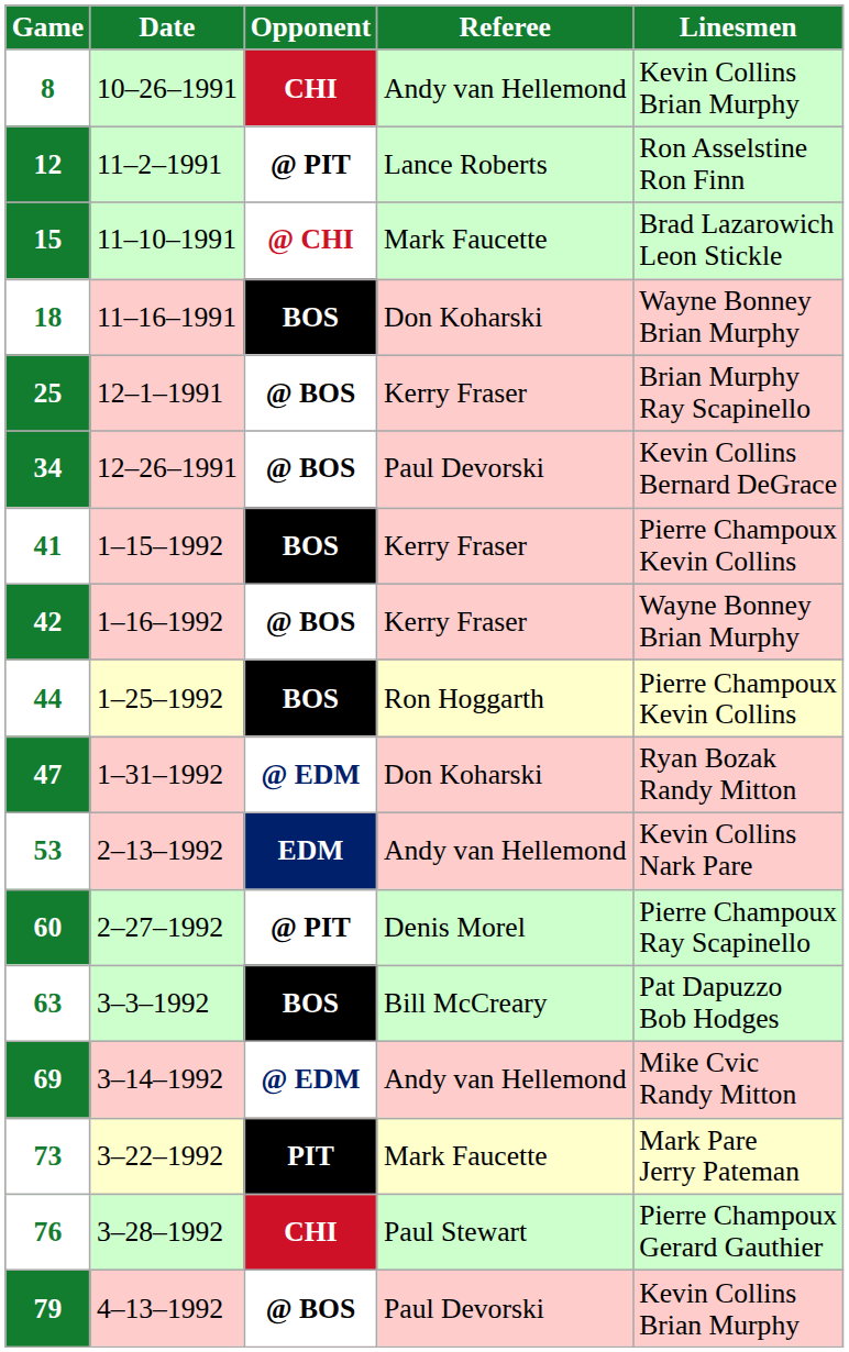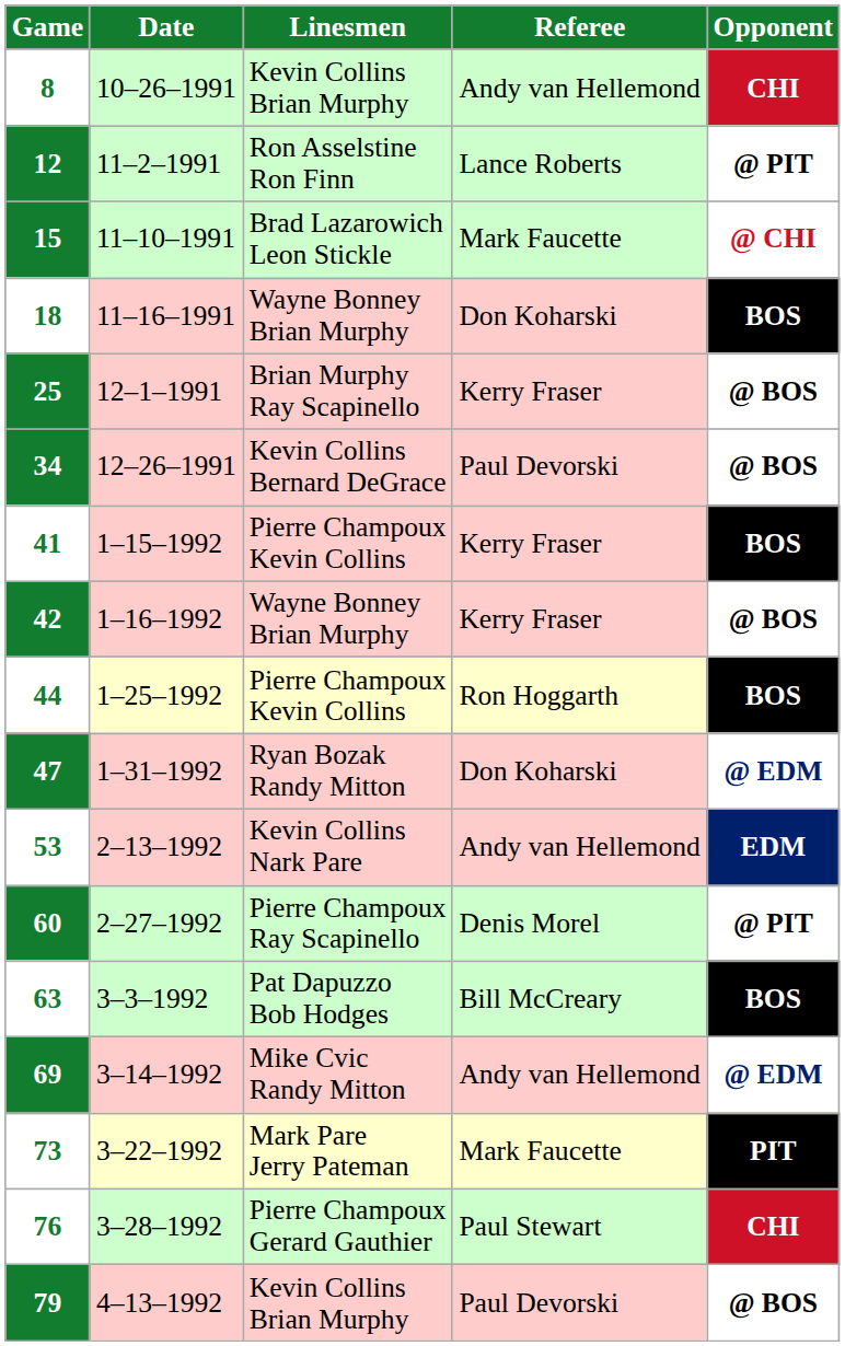 <table class="wikitable">
 <tr>
 <th style="color:white; background:#127d2f; "><strong>Game</strong></th>
 <th style="color:white; background:#127d2f; "><strong>Date</strong></th>
+<th style="color:white; background:#127d2f; "><strong>Linesmen</strong></th>
+<th style="color:white; background:#127d2f; "><strong>Referee</strong></th>
 <th style="color:white; background:#127d2f; "><strong>Opponent</strong></th>
-<th style="color:white; background:#127d2f; "><strong>Referee</strong></th>
-<th style="color:white; background:#127d2f; "><strong>Linesmen</strong></th>
 </tr>
 <tr style="background:#cfc;">
 <th style="color:#127d2f; background:white; "><strong>8</strong></th>
 <td>10–26–1991</td>
+<td>Kevin Collins<br>Brian Murphy</td>
+<td>Andy van Hellemond</td>
 <th style="color:white; background:#CE1126; "><strong>CHI</strong></th>
-<td>Andy van Hellemond</td>
-<td>Kevin Collins<br>Brian Murphy</td>
 </tr>
 <tr style="background:#cfc;">
 <th style="color:white; background:#127d2f; "><strong>12</strong></th>
 <td>11–2–1991</td>
+<td>Ron Asselstine<br>Ron Finn</td>
+<td>Lance Roberts</td>
 <th style="color:#000000; background:white; "><strong>@ PIT</strong></th>
-<td>Lance Roberts</td>
-<td>Ron Asselstine<br>Ron Finn</td>
 </tr>
 <tr style="background:#cfc;">
 <th style="color:white; background:#127d2f; "><strong>15</strong></th>
 <td>11–10–1991</td>
+<td>Brad Lazarowich<br>Leon Stickle</td>
+<td>Mark Faucette</td>
 <th style="color:#CE1126; background:white; "><strong>@ CHI</strong></th>
-<td>Mark Faucette</td>
-<td>Brad Lazarowich<br>Leon Stickle</td>
 </tr>
 <tr style="background:#fcc;">
 <th style="color:#127d2f; background:white; "><strong>18</strong></th>
 <td>11–16–1991</td>
+<td>Wayne Bonney<br>Brian Murphy</td>
+<td>Don Koharski</td>
 <th style="color:white; background:#000000; "><strong>BOS</strong></th>
-<td>Don Koharski</td>
-<td>Wayne Bonney<br>Brian Murphy</td>
 </tr>
 <tr style="background:#fcc;">
 <th style="color:white; background:#127d2f; "><strong>25</strong></th>
 <td>12–1–1991</td>
+<td>Brian Murphy<br>Ray Scapinello</td>
+<td>Kerry Fraser</td>
 <th style="color:#000000; background:white; "><strong>@ BOS</strong></th>
-<td>Kerry Fraser</td>
-<td>Brian Murphy<br>Ray Scapinello</td>
 </tr>
 <tr style="background:#fcc;">
 <th style="color:white; background:#127d2f; "><strong>34</strong></th>
 <td>12–26–1991</td>
+<td>Kevin Collins<br>Bernard DeGrace</td>
+<td>Paul Devorski</td>
 <th style="color:#000000; background:white; "><strong>@ BOS</strong></th>
-<td>Paul Devorski</td>
-<td>Kevin Collins<br>Bernard DeGrace</td>
 </tr>
 <tr style="background:#fcc;">
 <th style="color:#127d2f; background:white; "><strong>41</strong></th>
 <td>1–15–1992</td>
+<td>Pierre Champoux<br>Kevin Collins</td>
+<td>Kerry Fraser</td>
 <th style="color:white; background:#000000; "><strong>BOS</strong></th>
-<td>Kerry Fraser</td>
-<td>Pierre Champoux<br>Kevin Collins</td>
 </tr>
 <tr style="background:#fcc;">
 <th style="color:white; background:#127d2f; "><strong>42</strong></th>
 <td>1–16–1992</td>
+<td>Wayne Bonney<br>Brian Murphy</td>
+<td>Kerry Fraser</td>
 <th style="color:#000000; background:white; "><strong>@ BOS</strong></th>
-<td>Kerry Fraser</td>
-<td>Wayne Bonney<br>Brian Murphy</td>
 </tr>
 <tr style="background:#ffc;">
 <th style="color:#127d2f; background:white; "><strong>44</strong></th>
 <td>1–25–1992</td>
+<td>Pierre Champoux<br>Kevin Collins</td>
+<td>Ron Hoggarth</td>
 <th style="color:white; background:#000000; "><strong>BOS</strong></th>
-<td>Ron Hoggarth</td>
-<td>Pierre Champoux<br>Kevin Collins</td>
 </tr>
 <tr style="background:#fcc;">
 <th style="color:white; background:#127d2f; "><strong>47</strong></th>
 <td>1–31–1992</td>
+<td>Ryan Bozak<br>Randy Mitton</td>
+<td>Don Koharski</td>
 <th style="color:#00206b; background:white; "><strong>@ EDM</strong></th>
-<td>Don Koharski</td>
-<td>Ryan Bozak<br>Randy Mitton</td>
 </tr>
 <tr style="background:#fcc;">
 <th style="color:#127d2f; background:white; "><strong>53</strong></th>
 <td>2–13–1992</td>
+<td>Kevin Collins<br>Nark Pare</td>
+<td>Andy van Hellemond</td>
 <th style="color:white; background:#00206b; "><strong>EDM</strong></th>
-<td>Andy van Hellemond</td>
-<td>Kevin Collins<br>Nark Pare</td>
 </tr>
 <tr style="background:#cfc;">
 <th style="color:white; background:#127d2f; "><strong>60</strong></th>
 <td>2–27–1992</td>
+<td>Pierre Champoux<br>Ray Scapinello</td>
+<td>Denis Morel</td>
 <th style="color:#000000; background:white; "><strong>@ PIT</strong></th>
-<td>Denis Morel</td>
-<td>Pierre Champoux<br>Ray Scapinello</td>
 </tr>
 <tr style="background:#cfc;">
 <th style="color:#127d2f; background:white; "><strong>63</strong></th>
 <td>3–3–1992</td>
+<td>Pat Dapuzzo<br>Bob Hodges</td>
+<td>Bill McCreary</td>
 <th style="color:white; background:#000000; "><strong>BOS</strong></th>
-<td>Bill McCreary</td>
-<td>Pat Dapuzzo<br>Bob Hodges</td>
 </tr>
 <tr style="background:#fcc;">
 <th style="color:white; background:#127d2f; "><strong>69</strong></th>
 <td>3–14–1992</td>
+<td>Mike Cvic<br>Randy Mitton</td>
+<td>Andy van Hellemond</td>
 <th style="color:#00206b; background:white; "><strong>@ EDM</strong></th>
-<td>Andy van Hellemond</td>
-<td>Mike Cvic<br>Randy Mitton</td>
 </tr>
 <tr style="background:#ffc;">
 <th style="color:#127d2f; background:white; "><strong>73</strong></th>
 <td>3–22–1992</td>
+<td>Mark Pare<br>Jerry Pateman</td>
+<td>Mark Faucette</td>
 <th style="color:white; background:#000000; "><strong>PIT</strong></th>
-<td>Mark Faucette</td>
-<td>Mark Pare<br>Jerry Pateman</td>
 </tr>
 <tr style="background:#cfc;">
 <th style="color:#127d2f; background:white; "><strong>76</strong></th>
 <td>3–28–1992</td>
+<td>Pierre Champoux<br>Gerard Gauthier</td>
+<td>Paul Stewart</td>
 <th style="color:white; background:#CE1126; "><strong>CHI</strong></th>
-<td>Paul Stewart</td>
-<td>Pierre Champoux<br>Gerard Gauthier</td>
 </tr>
 <tr style="background:#fcc;">
 <th style="color:white; background:#127d2f; "><strong>79</strong></th>
 <td>4–13–1992</td>
+<td>Kevin Collins<br>Brian Murphy</td>
+<td>Paul Devorski</td>
 <th style="color:#000000; background:white; "><strong>@ BOS</strong></th>
-<td>Paul Devorski</td>
-<td>Kevin Collins<br>Brian Murphy</td>
 </tr>
 </table>
